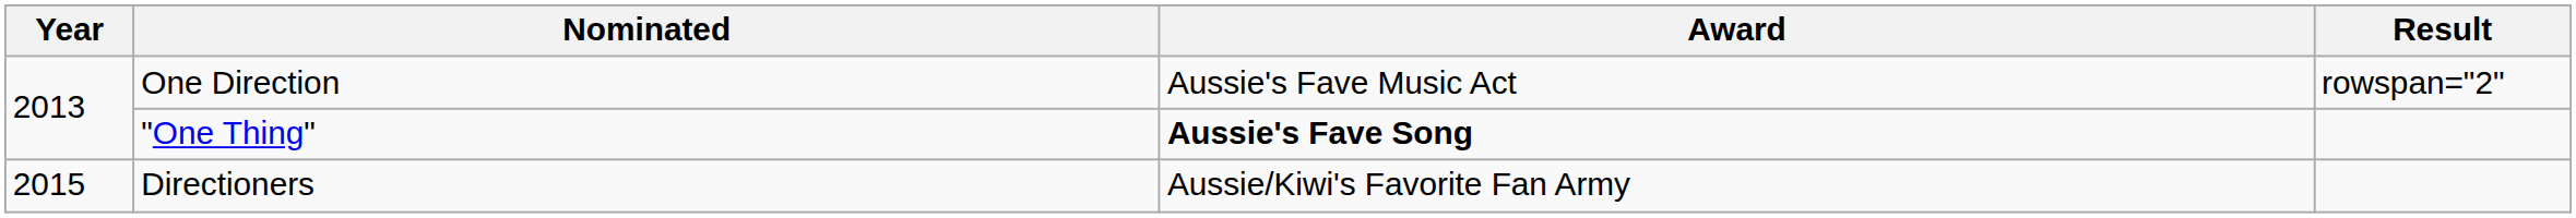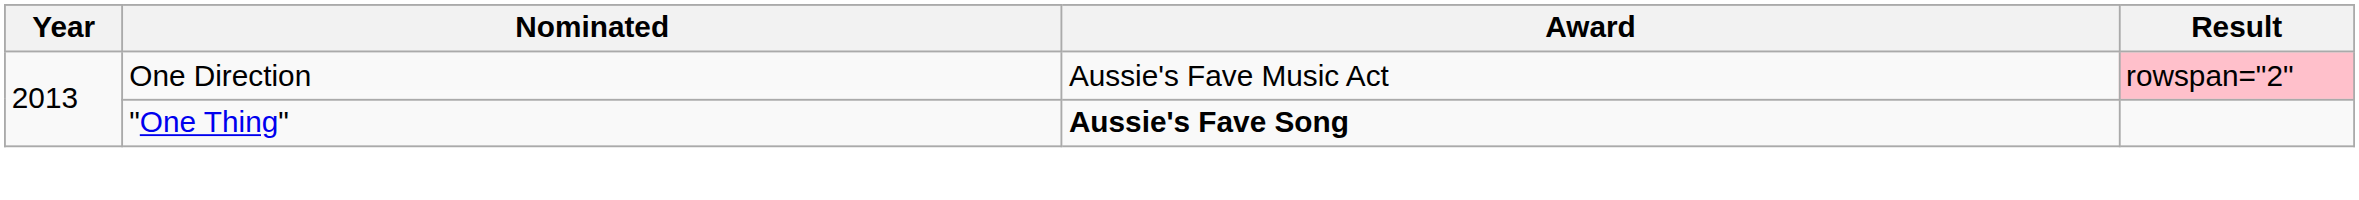 <table class="wikitable" style="width:100%;">
 <tr>
 <th width=5%>Year</th>
 <th style="width:40%;">Nominated</th>
 <th style="width:45%;">Award</th>
 <th style="width:10%;">Result</th>
 </tr>
 <tr>
 <td rowspan="2">2013</td>
 <td>One Direction</td>
 <td>Aussie's Fave Music Act</td>
-<td>rowspan="2" </td>
+<td style="background: pink;">rowspan="2" </td>
 </tr>
 <tr>
 <td>"<a href='#'>One Thing</a>"</td>
 <td><strong>Aussie's Fave Song</strong></td>
 </tr>
-<tr>
-<td>2015</td>
-<td>Directioners</td>
-<td>Aussie/Kiwi's Favorite Fan Army</td>
-<td></td>
-</tr>
 </table>
